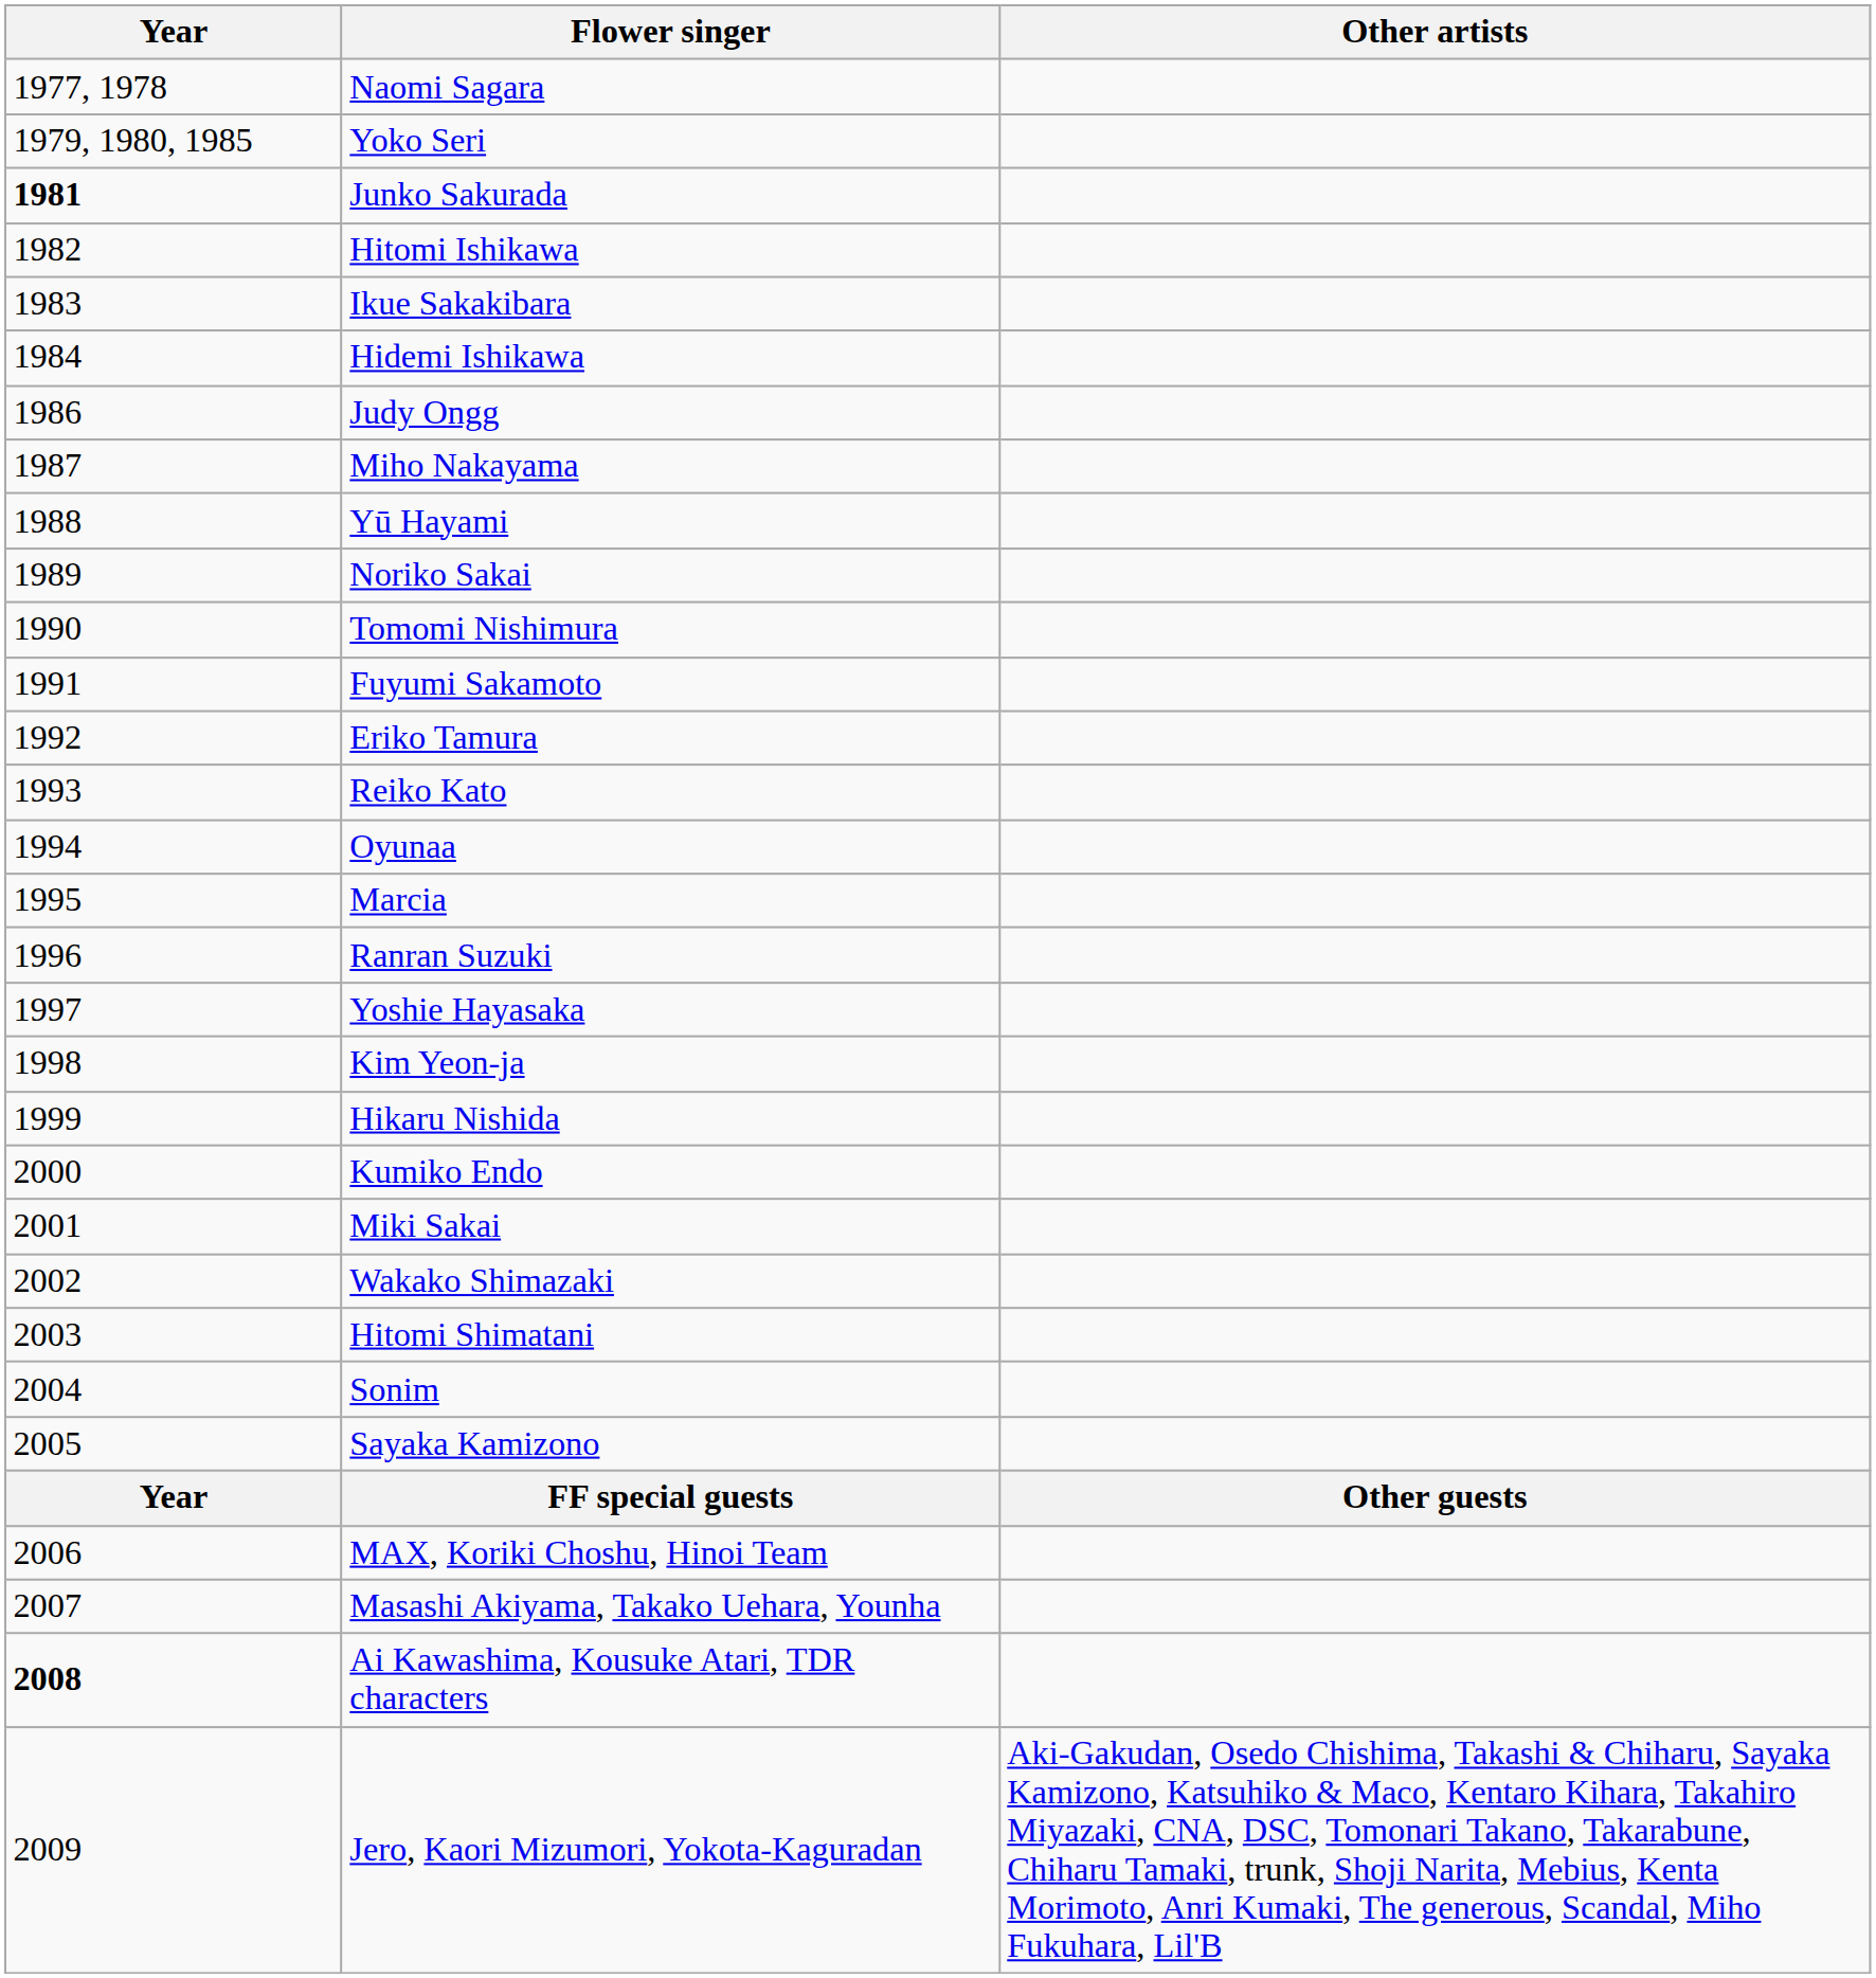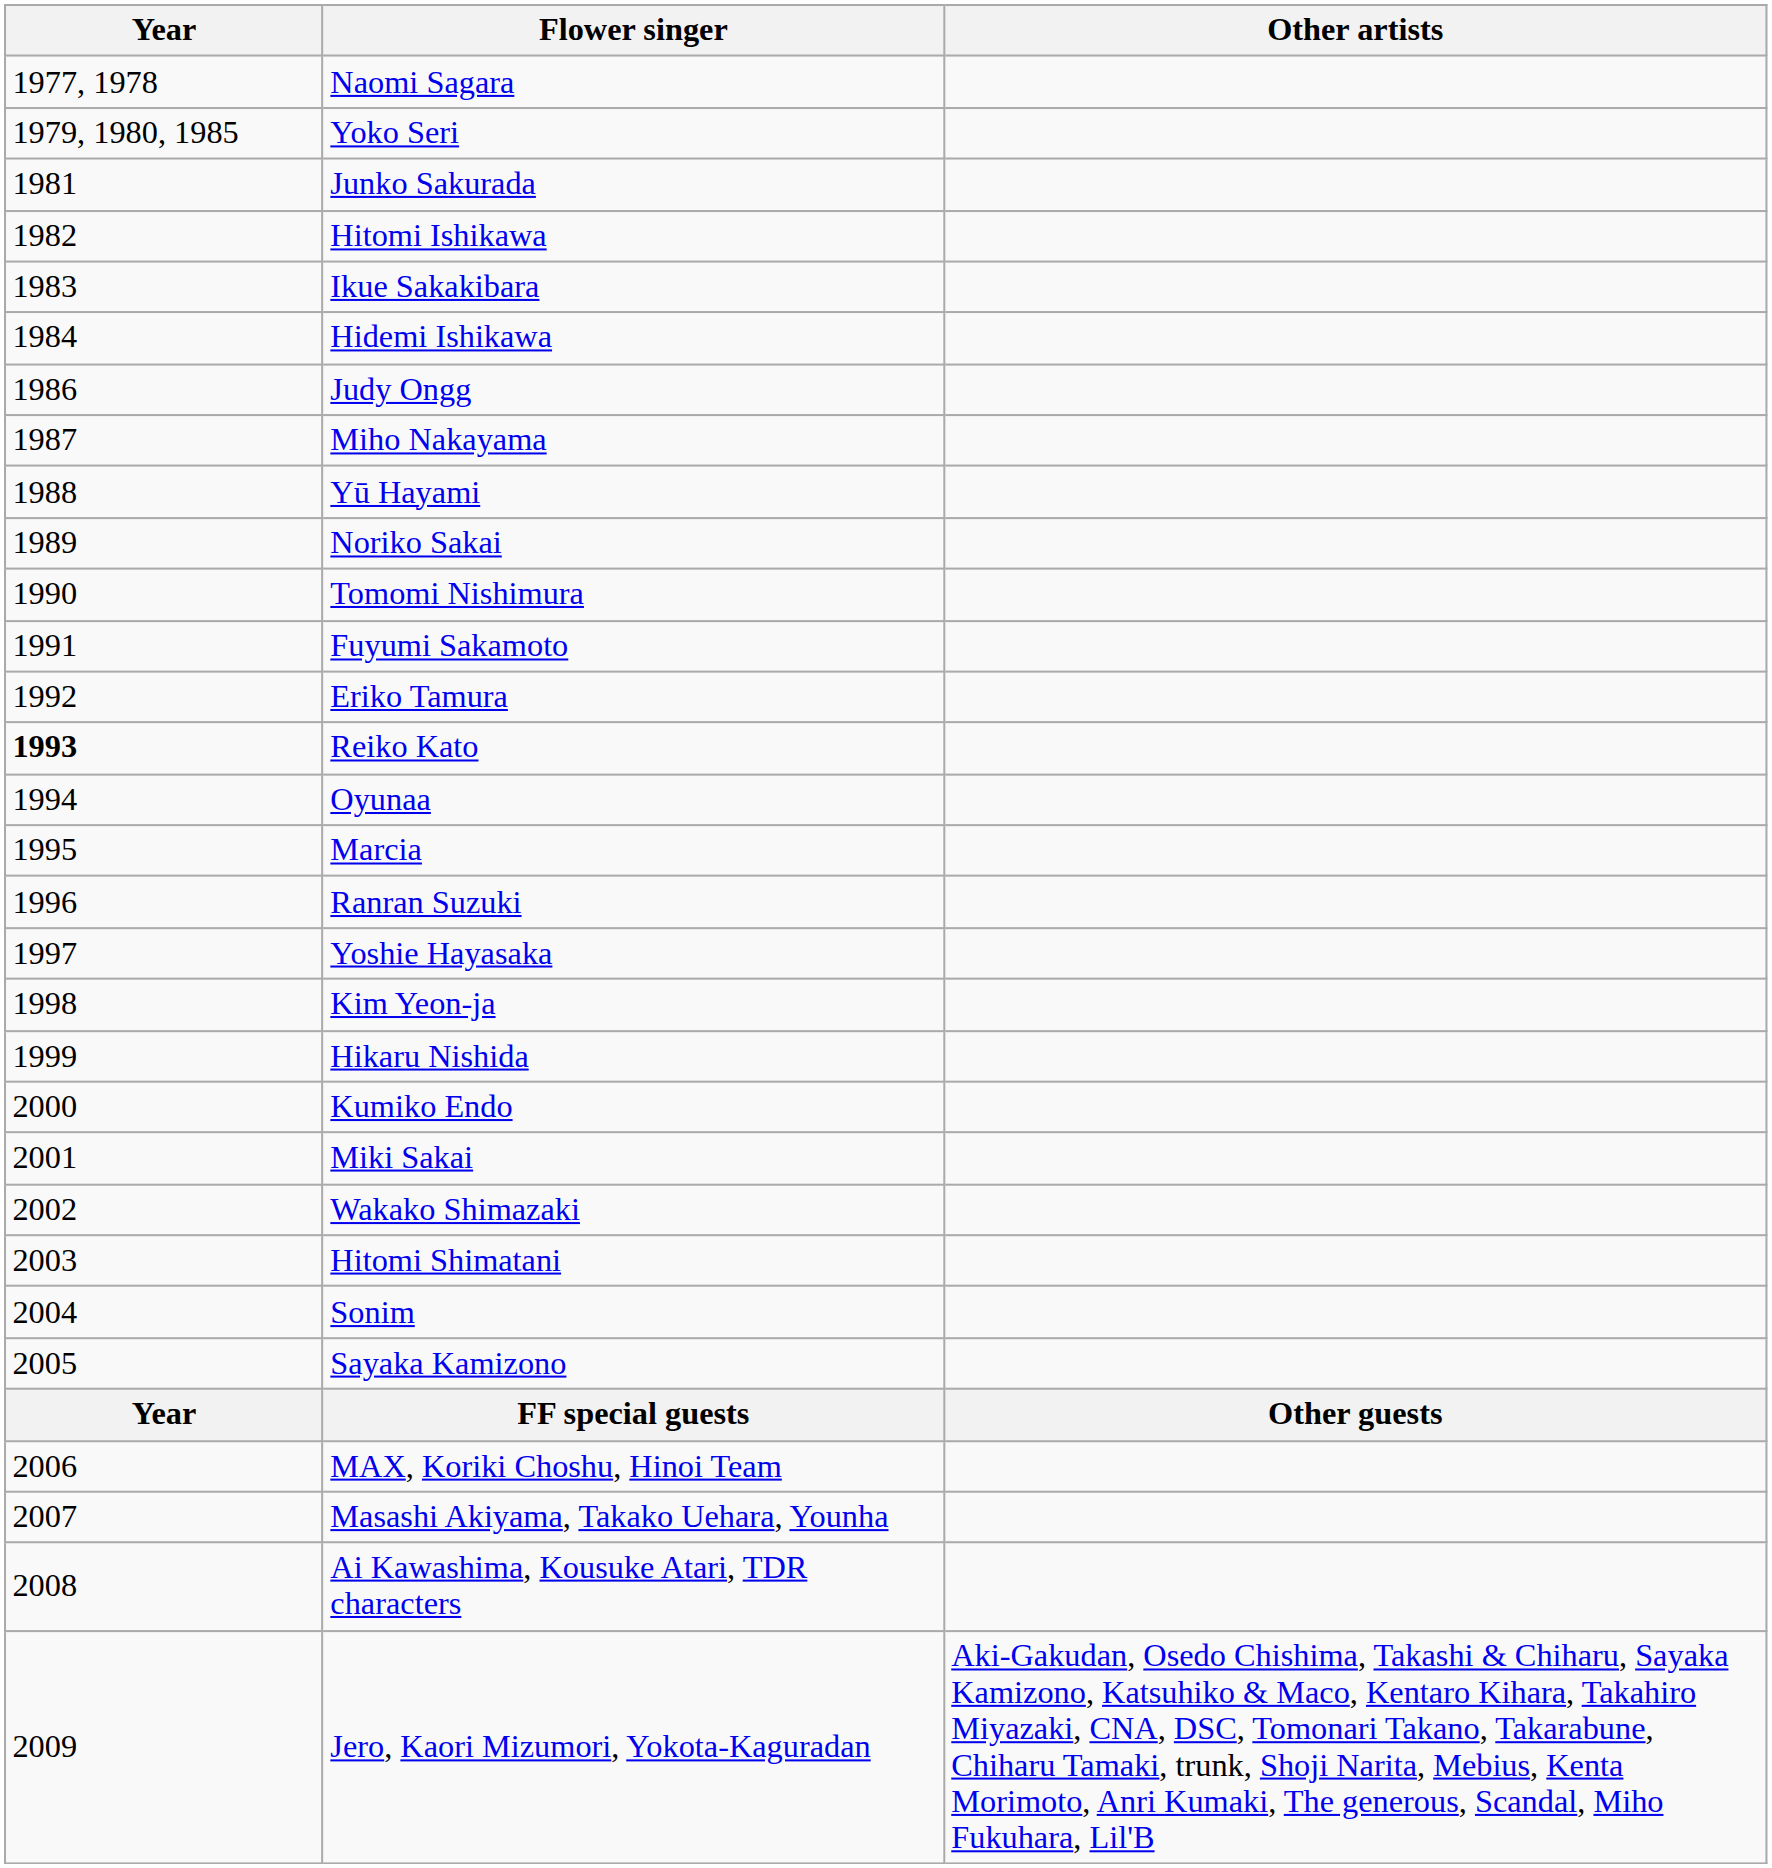 <table border="1" class="wikitable">
 <tr>
 <th scope="col" width="150">Year</th>
 <th scope="col" width="300">Flower singer</th>
 <th scope="col" width="400">Other artists</th>
 </tr>
 <tr>
 <td>1977, 1978</td>
 <td><a href='#'>Naomi Sagara</a></td>
 <td></td>
 </tr>
 <tr>
 <td>1979, 1980, 1985</td>
 <td><a href='#'>Yoko Seri</a></td>
 <td></td>
 </tr>
 <tr>
-<td><strong>1981</strong></td>
+<td>1981</td>
 <td><a href='#'>Junko Sakurada</a></td>
 <td></td>
 </tr>
 <tr>
 <td>1982</td>
 <td><a href='#'>Hitomi Ishikawa</a></td>
 <td></td>
 </tr>
 <tr>
 <td>1983</td>
 <td><a href='#'>Ikue Sakakibara</a></td>
 <td></td>
 </tr>
 <tr>
 <td>1984</td>
 <td><a href='#'>Hidemi Ishikawa</a></td>
 <td></td>
 </tr>
 <tr>
 <td>1986</td>
 <td><a href='#'>Judy Ongg</a></td>
 <td></td>
 </tr>
 <tr>
 <td>1987</td>
 <td><a href='#'>Miho Nakayama</a></td>
 <td></td>
 </tr>
 <tr>
 <td>1988</td>
 <td><a href='#'>Yū Hayami</a></td>
 <td></td>
 </tr>
 <tr>
 <td>1989</td>
 <td><a href='#'>Noriko Sakai</a></td>
 <td></td>
 </tr>
 <tr>
 <td>1990</td>
 <td><a href='#'>Tomomi Nishimura</a></td>
 <td></td>
 </tr>
 <tr>
 <td>1991</td>
 <td><a href='#'>Fuyumi Sakamoto</a></td>
 <td></td>
 </tr>
 <tr>
 <td>1992</td>
 <td><a href='#'>Eriko Tamura</a></td>
 <td></td>
 </tr>
 <tr>
-<td>1993</td>
+<td><strong>1993</strong></td>
 <td><a href='#'>Reiko Kato</a></td>
 <td></td>
 </tr>
 <tr>
 <td>1994</td>
 <td><a href='#'>Oyunaa</a></td>
 <td></td>
 </tr>
 <tr>
 <td>1995</td>
 <td><a href='#'>Marcia</a></td>
 <td></td>
 </tr>
 <tr>
 <td>1996</td>
 <td><a href='#'>Ranran Suzuki</a></td>
 </tr>
 <tr>
 <td>1997</td>
 <td><a href='#'>Yoshie Hayasaka</a></td>
 <td></td>
 </tr>
 <tr>
 <td>1998</td>
 <td><a href='#'>Kim Yeon-ja</a></td>
 <td></td>
 </tr>
 <tr>
 <td>1999</td>
 <td><a href='#'>Hikaru Nishida</a></td>
 <td></td>
 </tr>
 <tr>
 <td>2000</td>
 <td><a href='#'>Kumiko Endo</a></td>
 <td></td>
 </tr>
 <tr>
 <td>2001</td>
 <td><a href='#'>Miki Sakai</a></td>
 <td></td>
 </tr>
 <tr>
 <td>2002</td>
 <td><a href='#'>Wakako Shimazaki</a></td>
 <td></td>
 </tr>
 <tr>
 <td>2003</td>
 <td><a href='#'>Hitomi Shimatani</a></td>
 <td></td>
 </tr>
 <tr>
 <td>2004</td>
 <td><a href='#'>Sonim</a></td>
 <td></td>
 </tr>
 <tr>
 <td>2005</td>
 <td><a href='#'>Sayaka Kamizono</a></td>
 <td></td>
 </tr>
 <tr>
 <th>Year</th>
 <th>FF special guests</th>
 <th>Other guests</th>
 </tr>
 <tr>
 <td>2006</td>
 <td><a href='#'>MAX</a>, <a href='#'>Koriki Choshu</a>, <a href='#'>Hinoi Team</a></td>
 <td></td>
 </tr>
 <tr>
 <td>2007</td>
 <td><a href='#'>Masashi Akiyama</a>, <a href='#'>Takako Uehara</a>, <a href='#'>Younha</a></td>
 <td></td>
 </tr>
 <tr>
-<td><strong>2008</strong></td>
+<td>2008</td>
 <td><a href='#'>Ai Kawashima</a>, <a href='#'>Kousuke Atari</a>, <a href='#'>TDR characters</a></td>
 <td></td>
 </tr>
 <tr>
 <td>2009</td>
 <td><a href='#'>Jero</a>, <a href='#'>Kaori Mizumori</a>, <a href='#'>Yokota-Kaguradan</a></td>
 <td><a href='#'>Aki-Gakudan</a>, <a href='#'>Osedo Chishima</a>, <a href='#'>Takashi & Chiharu</a>, <a href='#'>Sayaka Kamizono</a>, <a href='#'>Katsuhiko & Maco</a>, <a href='#'>Kentaro Kihara</a>, <a href='#'>Takahiro Miyazaki</a>, <a href='#'>CNA</a>, <a href='#'>DSC</a>, <a href='#'>Tomonari Takano</a>, <a href='#'>Takarabune</a>, <a href='#'>Chiharu Tamaki</a>, trunk, <a href='#'>Shoji Narita</a>, <a href='#'>Mebius</a>, <a href='#'>Kenta Morimoto</a>, <a href='#'>Anri Kumaki</a>, <a href='#'>The generous</a>, <a href='#'>Scandal</a>, <a href='#'>Miho Fukuhara</a>, <a href='#'>Lil'B</a></td>
 </tr>
 </table>
